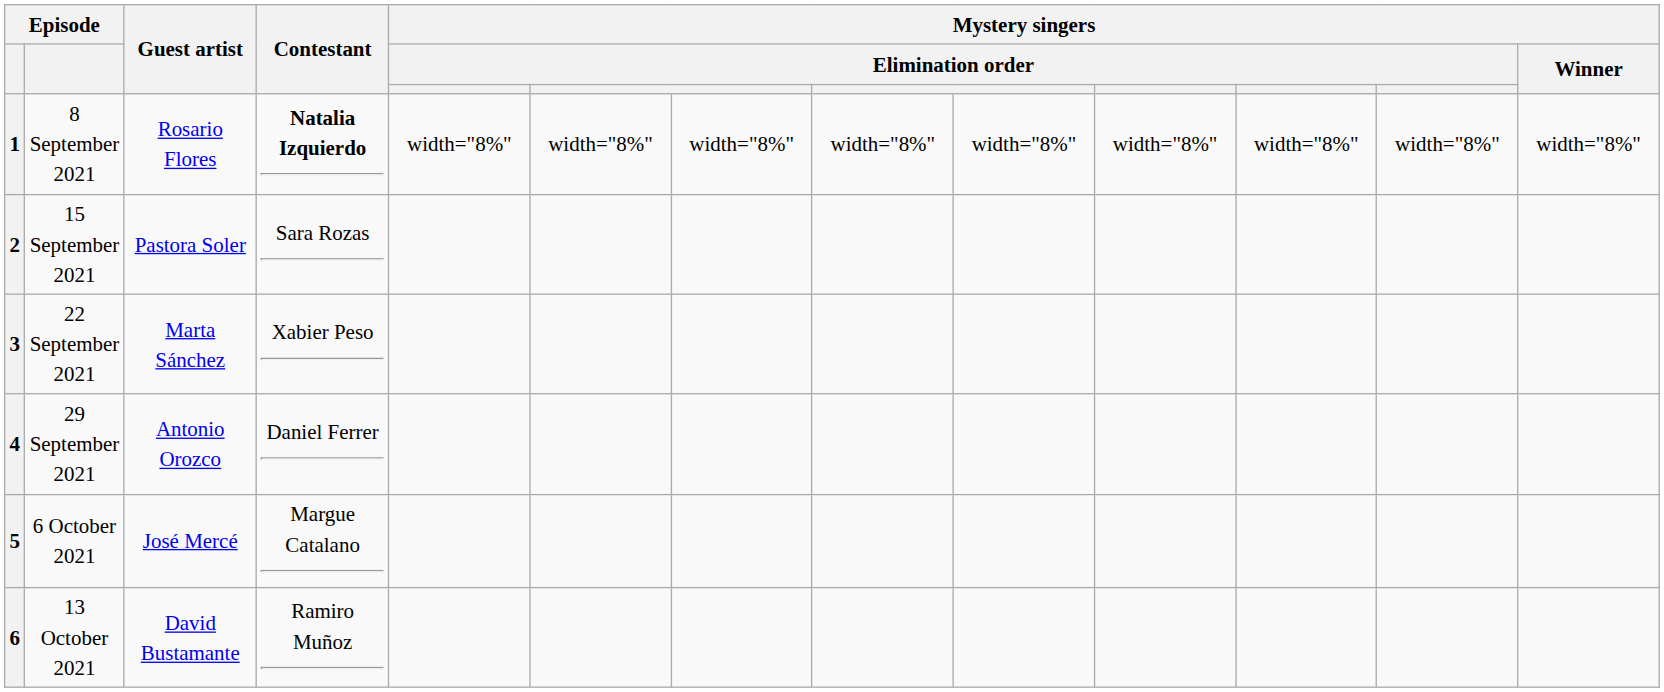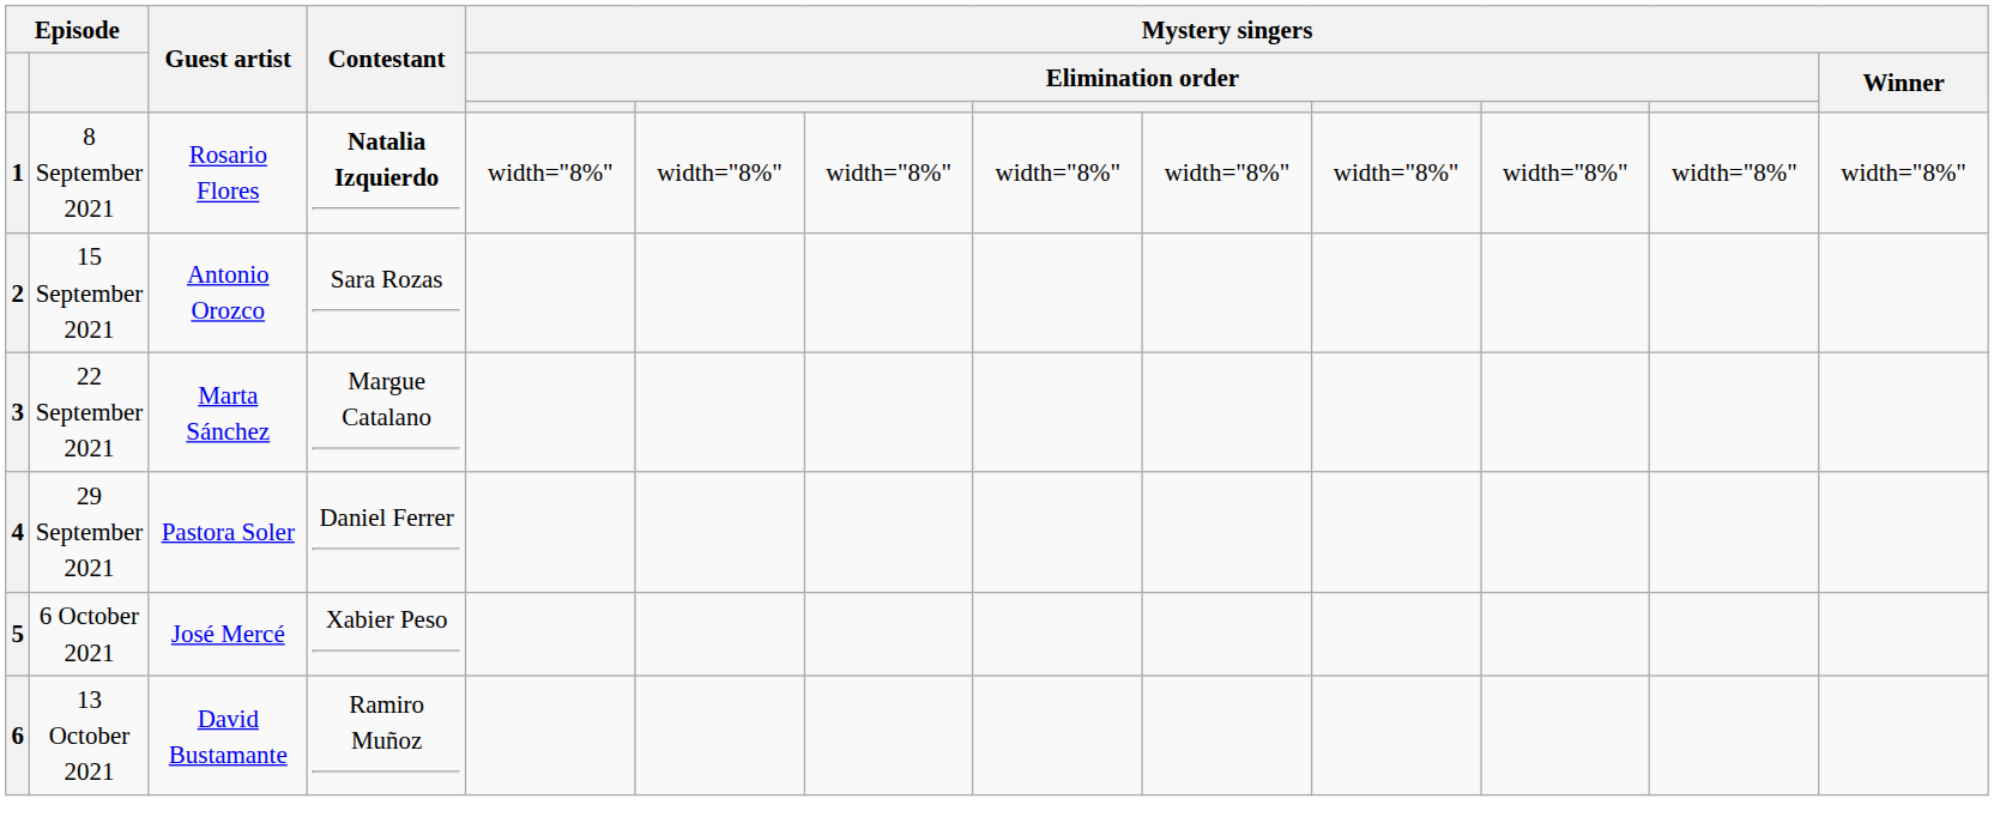 <table class="wikitable plainrowheaders mw-collapsible" style="text-align:center; line-height:23px; width:100%;">
 <tr>
 <th colspan="2" width="1%">Episode</th>
 <th rowspan="3" width="8%">Guest artist</th>
 <th rowspan="3" width="8%">Contestant</th>
 <th colspan="9">Mystery singers<br></th>
 </tr>
 <tr>
 <th rowspan="2"></th>
 <th rowspan="2"></th>
 <th colspan="8">Elimination order</th>
 <th rowspan="2">Winner</th>
 </tr>
 <tr>
 <th></th>
 <th colspan="2"></th>
 <th colspan="2"></th>
 <th></th>
 <th></th>
 <th></th>
 </tr>
 <tr>
 <th>1</th>
 <td>8 September 2021</td>
 <td><a href='#'>Rosario Flores</a><br></td>
 <td><strong>Natalia Izquierdo<hr></strong></td>
 <td>width="8%" </td>
 <td>width="8%" </td>
 <td>width="8%" </td>
 <td>width="8%" </td>
 <td>width="8%" </td>
 <td>width="8%" </td>
 <td>width="8%" </td>
 <td>width="8%" </td>
 <td>width="8%" </td>
 </tr>
 <tr>
 <th>2</th>
 <td>15 September 2021</td>
-<td><a href='#'>Pastora Soler</a></td>
+<td><a href='#'>Antonio Orozco</a><br></td>
 <td>Sara Rozas<hr></td>
 <td></td>
 <td></td>
 <td></td>
 <td></td>
 <td></td>
 <td></td>
 <td></td>
 <td></td>
 <td></td>
 </tr>
 <tr>
 <th>3</th>
 <td>22 September 2021</td>
 <td><a href='#'>Marta Sánchez</a></td>
-<td>Xabier Peso<br><hr></td>
+<td>Margue Catalano<hr></td>
 <td></td>
 <td></td>
 <td></td>
 <td></td>
 <td></td>
 <td></td>
 <td></td>
 <td></td>
 <td></td>
 </tr>
 <tr>
 <th>4</th>
 <td>29 September 2021</td>
-<td><a href='#'>Antonio Orozco</a><br></td>
+<td><a href='#'>Pastora Soler</a></td>
 <td>Daniel Ferrer<hr></td>
 <td></td>
 <td></td>
 <td></td>
 <td></td>
 <td></td>
 <td></td>
 <td></td>
 <td></td>
 <td></td>
 </tr>
 <tr>
 <th>5</th>
 <td>6 October 2021</td>
 <td><a href='#'>José Mercé</a></td>
-<td>Margue Catalano<hr></td>
+<td>Xabier Peso<br><hr></td>
 <td></td>
 <td></td>
 <td></td>
 <td></td>
 <td></td>
 <td></td>
 <td></td>
 <td></td>
 <td></td>
 </tr>
 <tr>
 <th>6</th>
 <td>13 October 2021</td>
 <td><a href='#'>David Bustamante</a></td>
 <td>Ramiro Muñoz<hr></td>
 <td></td>
 <td></td>
 <td></td>
 <td></td>
 <td></td>
 <td></td>
 <td></td>
 <td></td>
 <td></td>
 </tr>
 </table>
